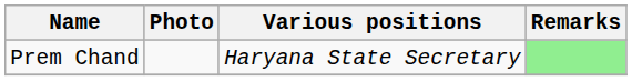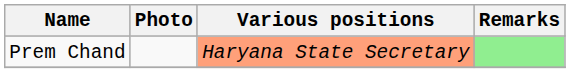 <table class="wikitable sortable" style="text-align:center">
 <tr>
 <th Style="background-color:">Name</th>
 <th Style="background-color:">Photo</th>
 <th Style="background-color:">Various positions</th>
 <th Style="background-color:">Remarks</th>
 </tr>
 <tr>
 <td>Prem Chand</td>
 <td></td>
-<td><em>Haryana State Secretary</em></td>
+<td style="background: lightsalmon;"><em>Haryana State Secretary</em></td>
 <td bgcolor = LightGreen></td>
 </tr>
 <tr>
 </tr>
 </table>
